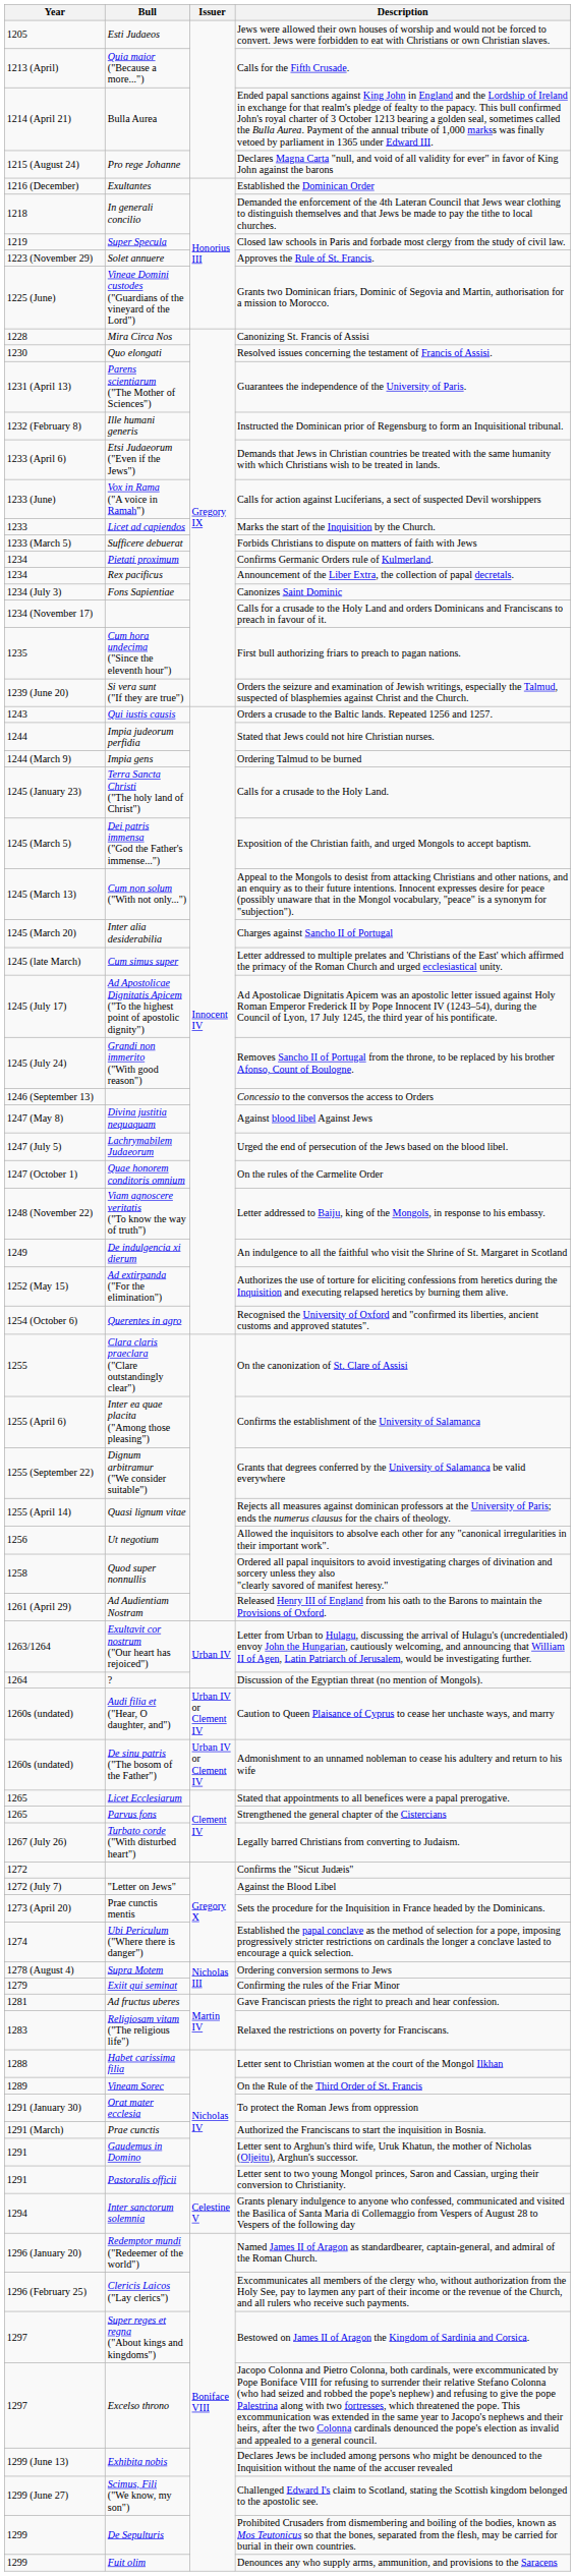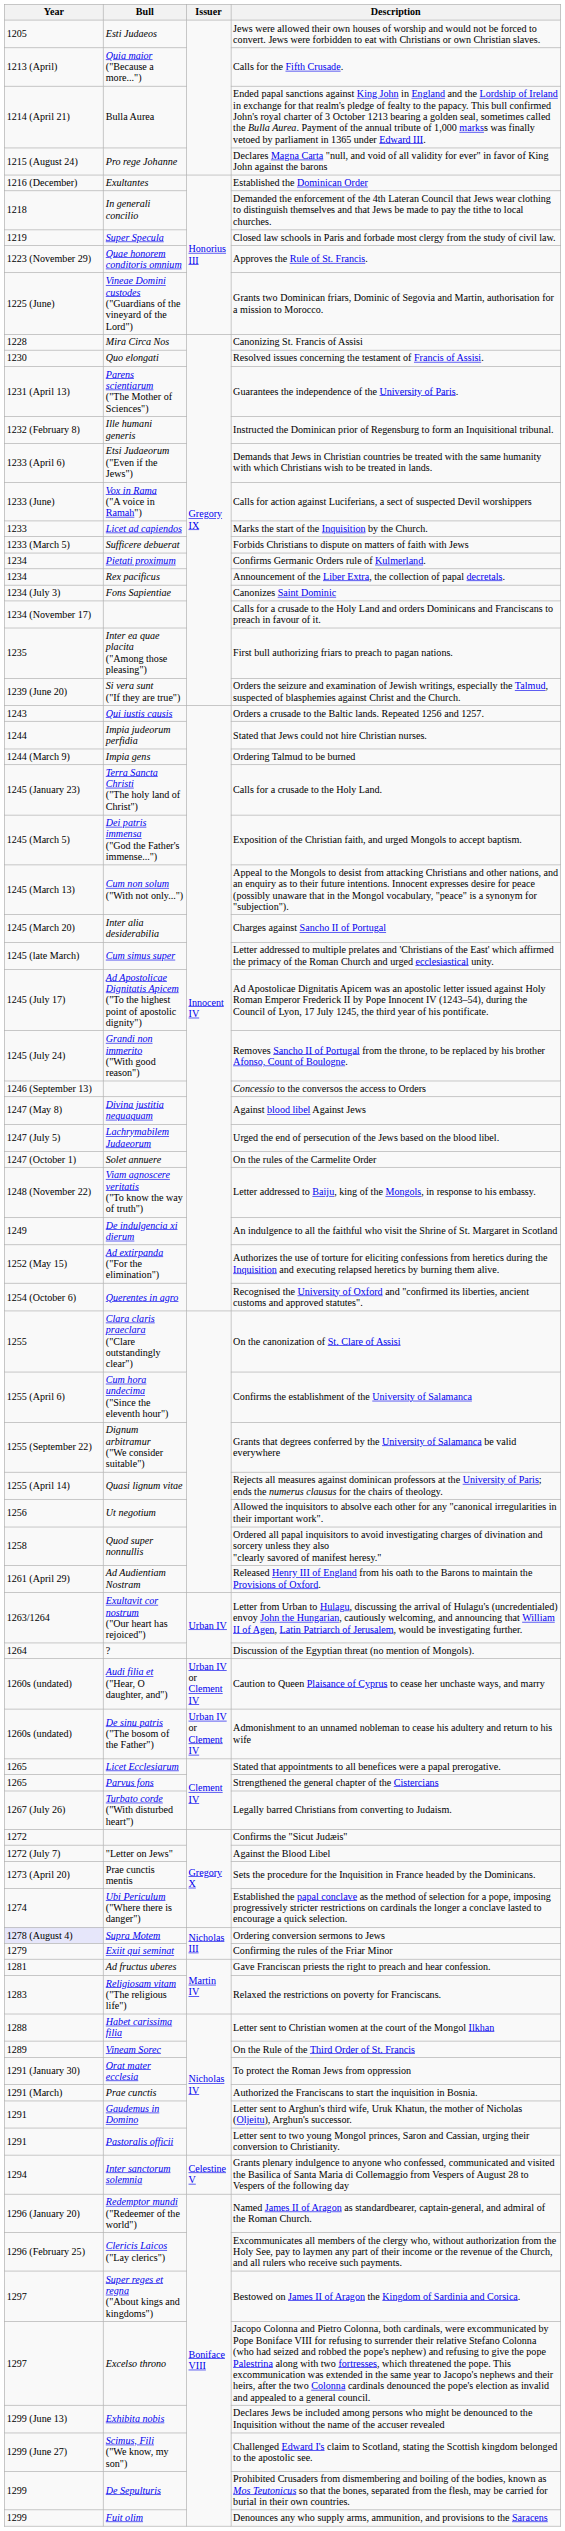 <table class="wikitable" style="width:100%;">
 <tr>
 <th width="150">Year</th>
 <th>Bull</th>
 <th>Issuer</th>
 <th>Description</th>
 </tr>
 <tr>
 <td>1205</td>
 <td><em>Esti Judaeos</em></td>
 <td rowspan=4></td>
 <td>Jews were allowed their own houses of worship and would not be forced to convert. Jews were forbidden to eat with Christians or own Christian slaves.</td>
 </tr>
 <tr>
 <td>1213 (April)</td>
 <td><em><a href='#'>Quia maior</a></em><br>("Because a more...")</td>
 <td>Calls for the <a href='#'>Fifth Crusade</a>.</td>
 </tr>
 <tr>
 <td>1214 (April 21)</td>
 <td>Bulla Aurea</td>
 <td>Ended papal sanctions against <a href='#'>King John</a> in <a href='#'>England</a> and the <a href='#'>Lordship of Ireland</a> in exchange for that realm's pledge of fealty to the papacy. This bull confirmed John's royal charter of 3 October 1213 bearing a golden seal, sometimes called the <em>Bulla Aurea</em>. Payment of the annual tribute of 1,000 <a href='#'>marks</a>s was finally vetoed by parliament in 1365 under <a href='#'>Edward III</a>.</td>
 </tr>
 <tr>
 <td>1215 (August 24)</td>
 <td><em>Pro rege Johanne</em></td>
 <td>Declares <a href='#'>Magna Carta</a> "null, and void of all validity for ever" in favor of King John against the barons</td>
 </tr>
 <tr>
 <td>1216 (December)</td>
 <td><em>Exultantes</em></td>
 <td rowspan=5><a href='#'>Honorius III</a></td>
 <td>Established the <a href='#'>Dominican Order</a></td>
 </tr>
 <tr>
 <td>1218</td>
 <td><em>In generali concilio</em></td>
 <td>Demanded the enforcement of the 4th Lateran Council that Jews wear clothing to distinguish themselves and that Jews be made to pay the tithe to local churches.</td>
 </tr>
 <tr>
 <td>1219</td>
 <td><em><a href='#'>Super Specula</a></em></td>
 <td>Closed law schools in Paris and forbade most clergy from the study of civil law.</td>
 </tr>
 <tr>
 <td>1223 (November 29)</td>
-<td><em>Solet annuere</em></td>
+<td><em><a href='#'>Quae honorem conditoris omnium</a></em></td>
 <td>Approves the <a href='#'>Rule of St. Francis</a>.</td>
 </tr>
 <tr>
 <td>1225 (June)</td>
 <td><em><a href='#'>Vineae Domini custodes</a></em><br>("Guardians of the vineyard of the Lord")</td>
 <td>Grants two Dominican friars, Dominic of Segovia and Martin, authorisation for a mission to Morocco.</td>
 </tr>
 <tr>
 <td>1228</td>
 <td><em>Mira Circa Nos</em></td>
 <td rowspan="14"><a href='#'>Gregory IX</a></td>
 <td>Canonizing St. Francis of Assisi</td>
 </tr>
 <tr>
 <td>1230</td>
 <td><em>Quo elongati</em></td>
 <td>Resolved issues concerning the testament of <a href='#'>Francis of Assisi</a>.</td>
 </tr>
 <tr>
 <td>1231 (April 13)</td>
 <td><em><a href='#'>Parens scientiarum</a></em><br>("The Mother of Sciences")</td>
 <td>Guarantees the independence of the <a href='#'>University of Paris</a>.</td>
 </tr>
 <tr>
 <td>1232 (February 8)</td>
 <td><em>Ille humani generis</em></td>
 <td>Instructed the Dominican prior of Regensburg to form an Inquisitional tribunal.</td>
 </tr>
 <tr>
 <td>1233 (April 6)</td>
 <td><em>Etsi Judaeorum</em><br>("Even if the Jews")</td>
 <td>Demands that Jews in Christian countries be treated with the same humanity with which Christians wish to be treated in  lands.</td>
 </tr>
 <tr>
 <td>1233 (June)</td>
 <td><em><a href='#'>Vox in Rama</a></em><br>("A voice in <a href='#'>Ramah</a>")</td>
 <td>Calls for action against Luciferians, a sect of suspected Devil worshippers</td>
 </tr>
 <tr>
 <td>1233</td>
 <td><em><a href='#'>Licet ad capiendos</a></em></td>
 <td>Marks the start of the <a href='#'>Inquisition</a> by the Church.</td>
 </tr>
 <tr>
 <td>1233 (March 5)</td>
 <td><em>Sufficere debuerat</em></td>
 <td>Forbids Christians to dispute on matters of faith with Jews</td>
 </tr>
 <tr>
 <td>1234</td>
 <td><em><a href='#'>Pietati proximum</a></em></td>
 <td>Confirms Germanic Orders rule of <a href='#'>Kulmerland</a>.</td>
 </tr>
 <tr>
 <td>1234</td>
 <td><em>Rex pacificus</em></td>
 <td>Announcement of the <a href='#'>Liber Extra</a>, the collection of papal <a href='#'>decretals</a>.</td>
 </tr>
 <tr>
 <td>1234 (July 3)</td>
 <td><em>Fons Sapientiae</em></td>
 <td>Canonizes <a href='#'>Saint Dominic</a></td>
 </tr>
 <tr>
 <td>1234 (November 17)</td>
 <td></td>
 <td>Calls for a crusade to the Holy Land and orders Dominicans and Franciscans to preach in favour of it.</td>
 </tr>
 <tr>
 <td>1235</td>
-<td><em><a href='#'>Cum hora undecima</a></em><br>("Since the eleventh hour")</td>
+<td><em>Inter ea quae placita</em><br> ("Among those pleasing")</td>
 <td>First bull authorizing friars to preach to pagan nations.</td>
 </tr>
 <tr>
 <td>1239 (June 20)</td>
 <td><em>Si vera sunt</em><br>("If they are true")</td>
 <td>Orders the seizure and examination of Jewish writings, especially the <a href='#'>Talmud</a>, suspected of blasphemies against Christ and the Church.</td>
 </tr>
 <tr>
 <td>1243</td>
 <td><em><a href='#'>Qui iustis causis</a></em></td>
 <td rowspan="18"><a href='#'>Innocent IV</a></td>
 <td>Orders a crusade to the Baltic lands. Repeated 1256 and 1257.</td>
 </tr>
 <tr>
 <td>1244</td>
 <td><em>Impia judeorum perfidia</em></td>
 <td>Stated that Jews could not hire Christian nurses.</td>
 </tr>
 <tr>
 <td>1244 (March 9)</td>
 <td><em>Impia gens</em></td>
 <td>Ordering Talmud to be burned</td>
 </tr>
 <tr>
 <td>1245 (January 23)</td>
 <td><em><a href='#'>Terra Sancta Christi</a></em><br>("The holy land of Christ")</td>
 <td>Calls for a crusade to the Holy Land.</td>
 </tr>
 <tr>
 <td>1245 (March 5)</td>
 <td><em><a href='#'>Dei patris immensa</a></em><br>("God the Father's immense...")</td>
 <td>Exposition of the Christian faith, and urged Mongols to accept baptism.</td>
 </tr>
 <tr>
 <td>1245 (March 13)</td>
 <td><em><a href='#'>Cum non solum</a></em><br>("With not only...")</td>
 <td>Appeal to the Mongols to desist from attacking Christians and other nations, and an enquiry as to their future intentions. Innocent expresses desire for peace (possibly unaware that in the Mongol vocabulary, "peace" is a synonym for "subjection").</td>
 </tr>
 <tr>
 <td>1245 (March 20)</td>
 <td><em>Inter alia desiderabilia</em></td>
 <td>Charges against <a href='#'>Sancho II of Portugal</a></td>
 </tr>
 <tr>
 <td>1245 (late March)</td>
 <td><em><a href='#'>Cum simus super</a></em></td>
 <td>Letter addressed to multiple prelates and 'Christians of the East' which affirmed the primacy of the Roman Church and urged <a href='#'>ecclesiastical</a> unity.</td>
 </tr>
 <tr>
 <td>1245 (July 17)</td>
 <td><em><a href='#'>Ad Apostolicae Dignitatis Apicem</a></em><br>("To the highest point of apostolic dignity")</td>
 <td>Ad Apostolicae Dignitatis Apicem was an apostolic letter issued against Holy Roman Emperor Frederick II by Pope Innocent IV (1243–54), during the Council of Lyon, 17 July 1245, the third year of his pontificate.</td>
 </tr>
 <tr>
 <td>1245 (July 24)</td>
 <td><em><a href='#'>Grandi non immerito</a></em><br>("With good reason")</td>
 <td>Removes <a href='#'>Sancho II of Portugal</a> from the throne, to be replaced by his brother <a href='#'>Afonso, Count of Boulogne</a>.</td>
 </tr>
 <tr>
 <td>1246 (September 13)</td>
 <td><em></em></td>
 <td><em>Concessio</em> to the conversos the access to Orders</td>
 </tr>
 <tr>
 <td>1247 (May 8)</td>
 <td><em><a href='#'>Divina justitia nequaquam</a></em></td>
 <td>Against <a href='#'>blood libel</a> Against Jews</td>
 </tr>
 <tr>
 <td>1247 (July 5)</td>
 <td><em><a href='#'>Lachrymabilem Judaeorum</a></em></td>
 <td>Urged the end of persecution of the Jews based on the blood libel.</td>
 </tr>
 <tr>
 <td>1247 (October 1)</td>
-<td><em><a href='#'>Quae honorem conditoris omnium</a></em></td>
+<td><em>Solet annuere</em></td>
 <td>On the rules of the Carmelite Order</td>
 </tr>
 <tr>
 <td>1248 (November 22)</td>
 <td><em><a href='#'>Viam agnoscere veritatis</a></em><br>("To know the way of truth")</td>
 <td>Letter addressed to <a href='#'>Baiju</a>, king of the <a href='#'>Mongols</a>, in response to his embassy.</td>
 </tr>
 <tr>
 <td>1249</td>
 <td><em><a href='#'>De indulgencia xi dierum</a></em></td>
 <td>An indulgence to all the faithful who visit the Shrine of St. Margaret in Scotland</td>
 </tr>
 <tr>
 <td>1252 (May 15)</td>
 <td><em><a href='#'>Ad extirpanda</a></em><br>("For the elimination")</td>
 <td>Authorizes the use of torture for eliciting confessions from heretics during the <a href='#'>Inquisition</a> and executing relapsed heretics by burning them alive.</td>
 </tr>
 <tr>
 <td>1254 (October 6)</td>
 <td><em><a href='#'>Querentes in agro</a></em></td>
 <td>Recognised the <a href='#'>University of Oxford</a> and "confirmed its liberties, ancient customs and approved statutes".</td>
 </tr>
 <tr>
 <td>1255</td>
 <td><em><a href='#'>Clara claris praeclara</a></em><br> ("Clare outstandingly clear")</td>
 <td rowspan="7"></td>
 <td>On the canonization of <a href='#'>St. Clare of Assisi</a></td>
 </tr>
 <tr>
 <td>1255 (April 6)</td>
-<td><em>Inter ea quae placita</em><br> ("Among those pleasing")</td>
+<td><em><a href='#'>Cum hora undecima</a></em><br>("Since the eleventh hour")</td>
 <td>Confirms the establishment of the <a href='#'>University of Salamanca</a></td>
 </tr>
 <tr>
 <td>1255 (September 22)</td>
 <td><em>Dignum arbitramur</em><br> ("We consider suitable")</td>
 <td>Grants that degrees conferred by the <a href='#'>University of Salamanca</a> be valid everywhere</td>
 </tr>
 <tr>
 <td>1255 (April 14)</td>
 <td><em>Quasi lignum vitae</em></td>
 <td>Rejects all measures against dominican professors at the <a href='#'>University of Paris</a>; ends the <em>numerus clausus</em> for the chairs of theology.</td>
 </tr>
 <tr>
 <td>1256</td>
 <td><em>Ut negotium</em></td>
 <td>Allowed the inquisitors to absolve each other for any "canonical irregularities in their important work".</td>
 </tr>
 <tr>
 <td>1258</td>
 <td><em>Quod super nonnullis</em></td>
 <td>Ordered all papal inquisitors to avoid investigating charges of divination and sorcery unless they also<br>"clearly savored of manifest heresy."</td>
 </tr>
 <tr>
 <td>1261 (April 29)</td>
 <td><em>Ad Audientiam Nostram</em></td>
 <td>Released <a href='#'>Henry III of England</a> from his oath to the Barons to maintain the <a href='#'>Provisions of Oxford</a>.</td>
 </tr>
 <tr>
 <td>1263/1264</td>
 <td><em><a href='#'>Exultavit cor nostrum</a></em><br>("Our heart has rejoiced")</td>
 <td rowspan=2><a href='#'>Urban IV</a></td>
 <td>Letter from Urban to <a href='#'>Hulagu</a>, discussing the arrival of Hulagu's (uncredentialed) envoy <a href='#'>John the Hungarian</a>, cautiously welcoming, and announcing that <a href='#'>William II of Agen</a>, <a href='#'>Latin Patriarch of Jerusalem</a>, would be investigating further.</td>
 </tr>
 <tr>
 <td>1264</td>
 <td>?</td>
 <td>Discussion of the Egyptian threat (no mention of Mongols).</td>
 </tr>
 <tr>
 <td>1260s (undated)</td>
 <td><em><a href='#'>Audi filia et</a></em><br>("Hear, O daughter, and")</td>
 <td><a href='#'>Urban IV</a> or<br><a href='#'>Clement IV</a></td>
 <td>Caution to Queen <a href='#'>Plaisance of Cyprus</a> to cease her unchaste ways, and marry</td>
 </tr>
 <tr>
 <td>1260s (undated)</td>
 <td><em><a href='#'>De sinu patris</a></em><br>("The bosom of the Father")</td>
 <td><a href='#'>Urban IV</a> or<br><a href='#'>Clement IV</a></td>
 <td>Admonishment to an unnamed nobleman to cease his adultery and return to his wife</td>
 </tr>
 <tr>
 <td>1265</td>
 <td><em><a href='#'>Licet Ecclesiarum</a></em></td>
 <td rowspan=3><a href='#'>Clement IV</a></td>
 <td>Stated that appointments to all benefices were a papal prerogative.</td>
 </tr>
 <tr>
 <td>1265</td>
 <td><em><a href='#'>Parvus fons</a></em></td>
 <td>Strengthened the general chapter of the <a href='#'>Cistercians</a></td>
 </tr>
 <tr>
 <td>1267 (July 26)</td>
 <td><em><a href='#'>Turbato corde</a></em><br>("With disturbed heart")</td>
 <td>Legally barred Christians from converting to Judaism.</td>
 </tr>
 <tr>
 <td>1272</td>
 <td></td>
 <td rowspan="4"><a href='#'>Gregory X</a></td>
 <td>Confirms the "Sicut Judæis"</td>
 </tr>
 <tr>
 <td>1272 (July 7)</td>
 <td>"Letter on Jews"</td>
 <td>Against the Blood Libel</td>
 </tr>
 <tr>
 <td>1273 (April 20)</td>
 <td>Prae cunctis mentis</td>
 <td>Sets the procedure for the Inquisition in France headed by the Dominicans.</td>
 </tr>
 <tr>
 <td>1274</td>
 <td><em><a href='#'>Ubi Periculum</a></em><br>("Where there is danger")</td>
 <td>Established the <a href='#'>papal conclave</a> as the method of selection for a pope, imposing progressively stricter restrictions on cardinals the longer a conclave lasted to encourage a quick selection.</td>
 </tr>
 <tr>
-<td>1278 (August 4)</td>
+<td style="background: lavender;">1278 (August 4)</td>
 <td><em><a href='#'>Supra Motem</a></em></td>
 <td rowspan=2><a href='#'>Nicholas III</a></td>
 <td>Ordering conversion sermons to Jews</td>
 </tr>
 <tr>
 <td>1279</td>
 <td><em><a href='#'>Exiit qui seminat</a></em></td>
 <td>Confirming the rules of the Friar Minor</td>
 </tr>
 <tr>
 <td>1281</td>
 <td><em>Ad fructus uberes</em></td>
 <td rowspan=2><a href='#'>Martin IV</a></td>
 <td>Gave Franciscan priests the right to preach and hear confession.</td>
 </tr>
 <tr>
 <td>1283</td>
 <td><em><a href='#'>Religiosam vitam</a></em><br>("The religious life")</td>
 <td>Relaxed the restrictions on poverty for Franciscans.</td>
 </tr>
 <tr>
 <td>1288</td>
 <td><em><a href='#'>Habet carissima filia</a></em></td>
 <td rowspan=6><a href='#'>Nicholas IV</a></td>
 <td>Letter sent to Christian women at the court of the Mongol <a href='#'>Ilkhan</a></td>
 </tr>
 <tr>
 <td>1289</td>
 <td><em><a href='#'>Vineam Sorec</a></em></td>
 <td>On the Rule of the <a href='#'>Third Order of St. Francis</a></td>
 </tr>
 <tr>
 <td>1291 (January 30)</td>
 <td><em><a href='#'>Orat mater ecclesia</a></em></td>
 <td>To protect the Roman Jews from oppression</td>
 </tr>
 <tr>
 <td>1291 (March)</td>
 <td><em>Prae cunctis</em></td>
 <td>Authorized the Franciscans to start the inquisition in Bosnia.</td>
 </tr>
 <tr>
 <td>1291</td>
 <td><em><a href='#'>Gaudemus in Domino</a></em></td>
 <td>Letter sent to Arghun's third wife, Uruk Khatun, the mother of Nicholas (<a href='#'>Oljeitu</a>), Arghun's successor.</td>
 </tr>
 <tr>
 <td>1291</td>
 <td><em><a href='#'>Pastoralis officii</a></em></td>
 <td>Letter sent to two young Mongol princes, Saron and Cassian, urging their conversion to Christianity.</td>
 </tr>
 <tr>
 <td>1294</td>
 <td><em><a href='#'>Inter sanctorum solemnia</a></em></td>
 <td><a href='#'>Celestine V</a></td>
 <td>Grants plenary indulgence to anyone who confessed, communicated and visited the Basilica of Santa Maria di Collemaggio from Vespers of August 28 to Vespers of the following day</td>
 </tr>
 <tr>
 <td>1296 (January 20)</td>
 <td><em><a href='#'>Redemptor mundi</a></em><br>("Redeemer of the world")</td>
 <td rowspan=8><a href='#'>Boniface VIII</a></td>
 <td>Named <a href='#'>James II of Aragon</a> as standardbearer, captain-general, and admiral of the Roman Church.</td>
 </tr>
 <tr>
 <td>1296 (February 25)</td>
 <td><em><a href='#'>Clericis Laicos</a></em><br>("Lay clerics")</td>
 <td>Excommunicates all members of the clergy who, without authorization from the Holy See, pay to laymen any part of their income or the revenue of the Church, and all rulers who receive such payments.</td>
 </tr>
 <tr>
 <td>1297</td>
 <td><em><a href='#'>Super reges et regna</a></em><br>("About kings and kingdoms")</td>
 <td>Bestowed on <a href='#'>James II of Aragon</a> the <a href='#'>Kingdom of Sardinia and Corsica</a>.</td>
 </tr>
 <tr>
 <td>1297</td>
 <td><em>Excelso throno</em></td>
 <td>Jacopo Colonna and Pietro Colonna, both cardinals, were excommunicated by Pope Boniface VIII for refusing to surrender their relative Stefano Colonna (who had seized and robbed the pope's nephew) and refusing to give the pope <a href='#'>Palestrina</a> along with two <a href='#'>fortresses</a>, which threatened the pope. This excommunication was extended in the same year to Jacopo's nephews and their heirs, after the two <a href='#'>Colonna</a> cardinals denounced the pope's election as invalid and appealed to a general council.</td>
 </tr>
 <tr>
 <td>1299 (June 13)</td>
 <td><em><a href='#'>Exhibita nobis</a></em></td>
 <td>Declares Jews be included among persons who might be denounced to the Inquisition without the name of the accuser revealed</td>
 </tr>
 <tr>
 <td>1299 (June 27)</td>
 <td><em><a href='#'>Scimus, Fili</a></em><br>("We know, my son")</td>
 <td>Challenged <a href='#'>Edward I's</a> claim to Scotland, stating the Scottish kingdom belonged to the apostolic see.</td>
 </tr>
 <tr>
 <td>1299</td>
 <td><em><a href='#'>De Sepulturis</a></em></td>
 <td>Prohibited Crusaders from dismembering and boiling of the bodies, known as <em><a href='#'>Mos Teutonicus</a></em> so that the bones, separated from the flesh, may be carried for burial in their own countries.</td>
 </tr>
 <tr>
 <td>1299</td>
 <td><em><a href='#'>Fuit olim</a></em></td>
 <td>Denounces any who supply arms, ammunition, and provisions to the <a href='#'>Saracens</a></td>
 </tr>
 </table>
